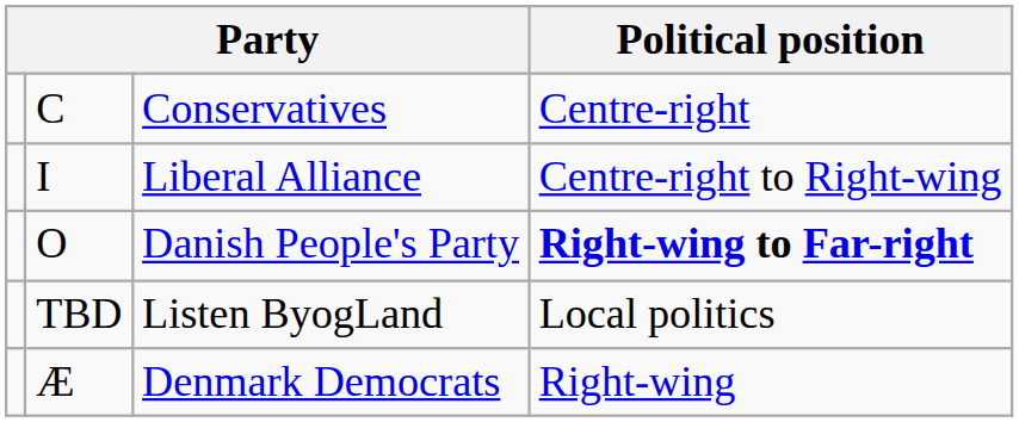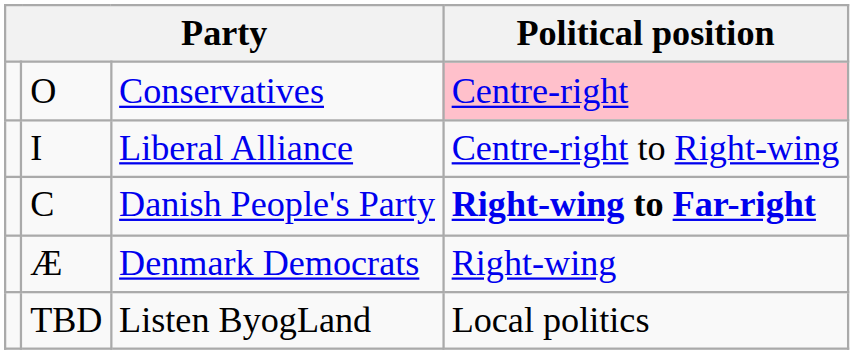 <table class="wikitable">
 <tr>
 <th colspan="3">Party</th>
 <th>Political position</th>
 </tr>
 <tr>
 <td></td>
-<td>C</td>
+<td>O</td>
 <td><a href='#'>Conservatives</a></td>
-<td><a href='#'>Centre-right</a></td>
+<td style="background: pink;"><a href='#'>Centre-right</a></td>
 </tr>
 <tr>
 <td></td>
 <td>I</td>
 <td><a href='#'>Liberal Alliance</a></td>
 <td><a href='#'>Centre-right</a> to <a href='#'>Right-wing</a></td>
 </tr>
 <tr>
 <td></td>
-<td>O</td>
+<td>C</td>
 <td><a href='#'>Danish People's Party</a></td>
 <td><strong><a href='#'>Right-wing</a> to  <a href='#'>Far-right</a></strong></td>
+</tr>
+<tr>
+<td></td>
+<td>Æ</td>
+<td><a href='#'>Denmark Democrats</a></td>
+<td><a href='#'>Right-wing</a></td>
 </tr>
 <tr>
 <td></td>
 <td>TBD</td>
 <td>Listen ByogLand</td>
 <td>Local politics</td>
 </tr>
-<tr>
-<td></td>
-<td>Æ</td>
-<td><a href='#'>Denmark Democrats</a></td>
-<td><a href='#'>Right-wing</a></td>
-</tr>
 </table>
